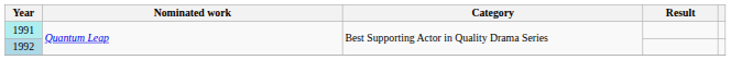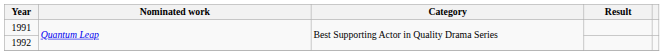 <table class="wikitable" style="width:85%;">
 <tr>
 <th width=5%>Year</th>
 <th style="width:40%;">Nominated work</th>
 <th style="width:40%;">Category</th>
 <th style="width:10%;">Result</th>
 <th width=1%></th>
 </tr>
 <tr>
-<td style="background: paleturquoise; text-align:center;">1991</td>
+<td style="text-align:center;">1991</td>
 <td rowspan="2"><em><a href='#'>Quantum Leap</a></em></td>
 <td rowspan="2">Best Supporting Actor in Quality Drama Series</td>
 <td></td>
 <td style="text-align:center;"></td>
 </tr>
 <tr>
-<td style="background: lightblue; text-align:center;">1992</td>
+<td style="text-align:center;">1992</td>
 <td></td>
 <td style="text-align:center;"></td>
 </tr>
 <tr>
 </tr>
 </table>
